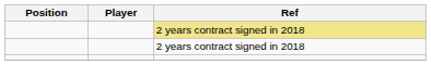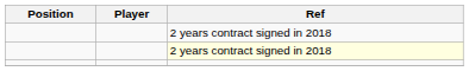 <table class="wikitable sortable" style="width:50%; text-align:center; font-size:100%; text-align:left;">
 <tr>
 <th><strong>Position</strong></th>
 <th><strong>Player</strong></th>
 <th><strong>Ref</strong></th>
 </tr>
 <tr>
 <td></td>
 <td></td>
-<td style="background: khaki;">2 years contract signed in 2018 </td>
+<td>2 years contract signed in 2018 </td>
 </tr>
 <tr>
 <td></td>
 <td></td>
-<td>2 years contract signed in 2018 </td>
+<td style="background: lightyellow;">2 years contract signed in 2018 </td>
 </tr>
 <tr>
 <td></td>
 <td></td>
 <td></td>
 </tr>
 <tr>
 </tr>
 </table>
